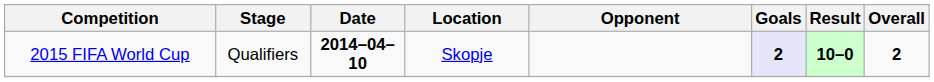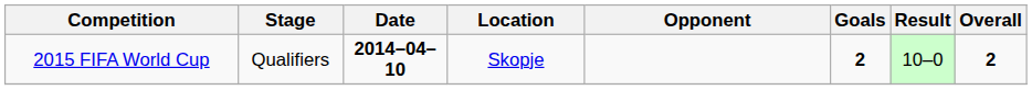 <table class="wikitable" style="font-size:90%">
 <tr>
 <th width=175px>Competition</th>
 <th width=75px>Stage</th>
 <th width=75px>Date</th>
 <th width=100px>Location</th>
 <th width=185px>Opponent</th>
 <th width=25px>Goals</th>
 <th width=25>Result</th>
 <th width=25px>Overall</th>
 </tr>
 <tr align=center>
 <td><a href='#'>2015 FIFA World Cup</a></td>
 <td>Qualifiers</td>
 <td><strong>2014–04–10</strong></td>
 <td><a href='#'>Skopje</a></td>
 <td align=left></td>
-<td style="background: lavender;"><strong>2</strong></td>
-<td bgcolor=#CCFFCC><strong>10–0</strong></td>
+<td><strong>2</strong></td>
+<td bgcolor=#CCFFCC>10–0</td>
 <td><strong>2</strong></td>
 </tr>
 <tr>
 </tr>
 </table>
